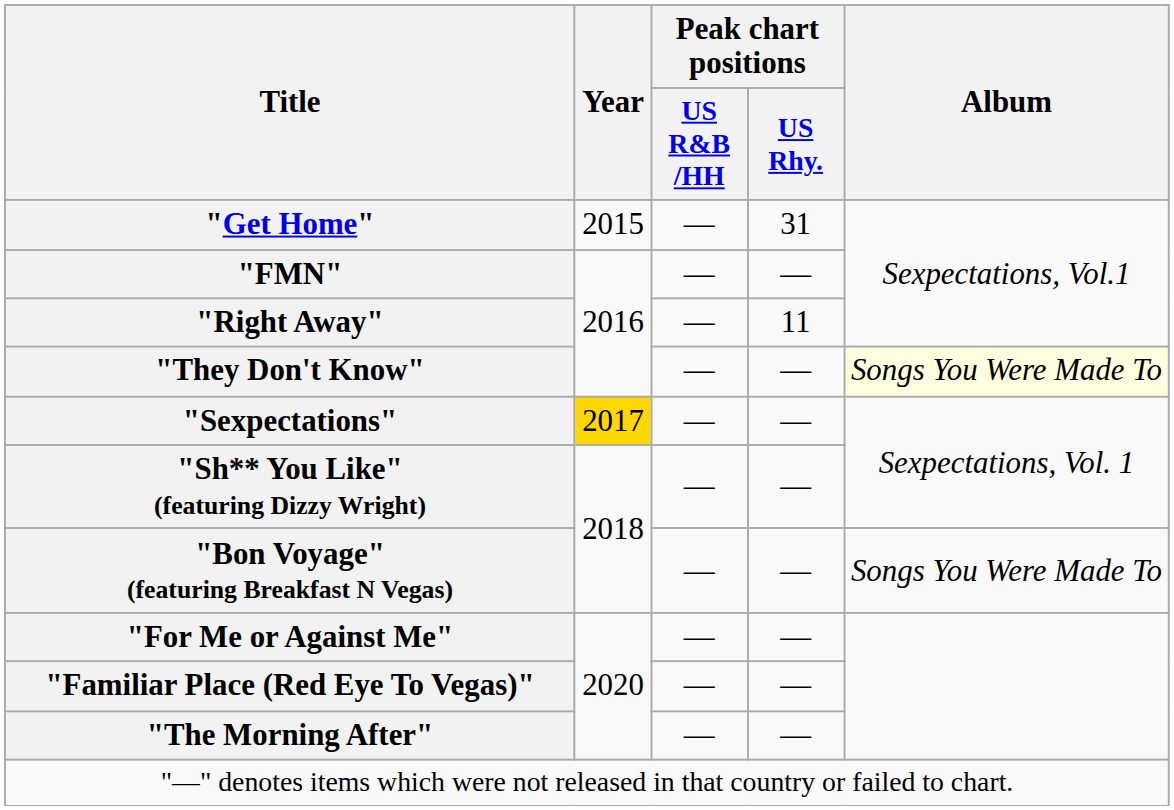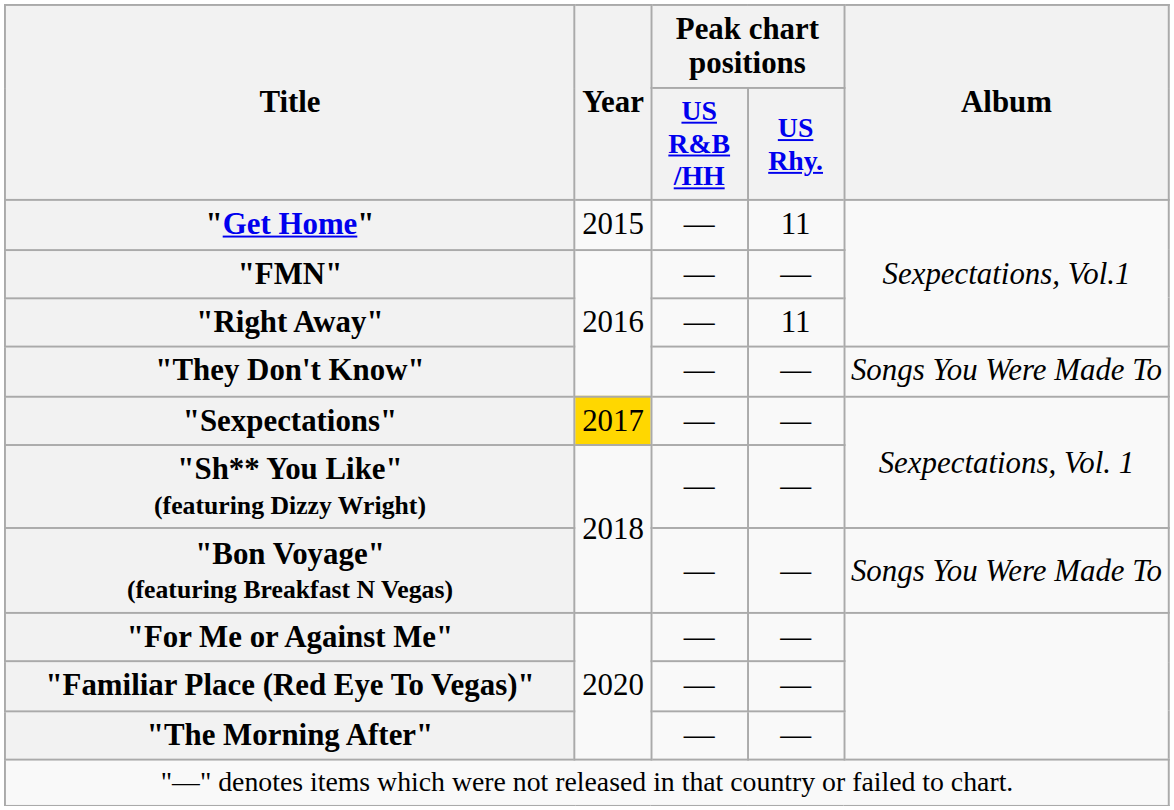 <table class="wikitable plainrowheaders" style="text-align:center;">
 <tr>
 <th scope="col" rowspan="2" style="width:18em;">Title</th>
 <th scope="col" rowspan="2">Year</th>
 <th scope="col" colspan="2">Peak chart positions</th>
 <th scope="col" rowspan="2">Album</th>
 </tr>
 <tr>
 <th scope="col" style="width:3em;font-size:90%;"><a href='#'>US<br>R&B<br>/HH</a></th>
 <th scope="col" style="width:3em;font-size:90%;"><a href='#'>US<br>Rhy.</a></th>
 </tr>
 <tr>
 <th scope="row">"<a href='#'>Get Home</a>"<br></th>
 <td>2015</td>
 <td>—</td>
-<td>31</td>
+<td>11</td>
 <td rowspan="3"><em>Sexpectations, Vol.1</em></td>
 </tr>
 <tr>
 <th scope="row">"FMN"<br></th>
 <td rowspan="3">2016</td>
 <td>—</td>
 <td>—</td>
 </tr>
 <tr>
 <th scope="row">"Right Away"</th>
 <td>—</td>
 <td>11</td>
 </tr>
 <tr>
 <th scope="row">"They Don't Know"</th>
 <td>—</td>
 <td>—</td>
-<td rowspan="1" style="background: lightyellow;"><em>Songs You Were Made To</em></td>
+<td rowspan="1"><em>Songs You Were Made To</em></td>
 </tr>
 <tr>
 <th scope="row">"Sexpectations"</th>
 <td style="background: gold;">2017</td>
 <td>—</td>
 <td>—</td>
 <td rowspan="2"><em>Sexpectations, Vol. 1</em></td>
 </tr>
 <tr>
 <th scope="row">"Sh** You Like"<br><small>(featuring Dizzy Wright)</small></th>
 <td rowspan="2">2018</td>
 <td>—</td>
 <td>—</td>
 </tr>
 <tr>
 <th scope="row">"Bon Voyage"<br><small>(featuring Breakfast N Vegas)</small></th>
 <td>—</td>
 <td>—</td>
 <td rowspan="1"><em>Songs You Were Made To</em></td>
 </tr>
 <tr>
 <th scope="row">"For Me or Against Me"</th>
 <td rowspan="3">2020</td>
 <td>—</td>
 <td>—</td>
 </tr>
 <tr>
 <th scope="row">"Familiar Place (Red Eye To Vegas)"</th>
 <td>—</td>
 <td>—</td>
 </tr>
 <tr>
 <th scope="row">"The Morning After"</th>
 <td>—</td>
 <td>—</td>
 </tr>
 <tr>
 <td colspan="16" style="font-size:90%">"—" denotes items which were not released in that country or failed to chart.</td>
 </tr>
 </table>
